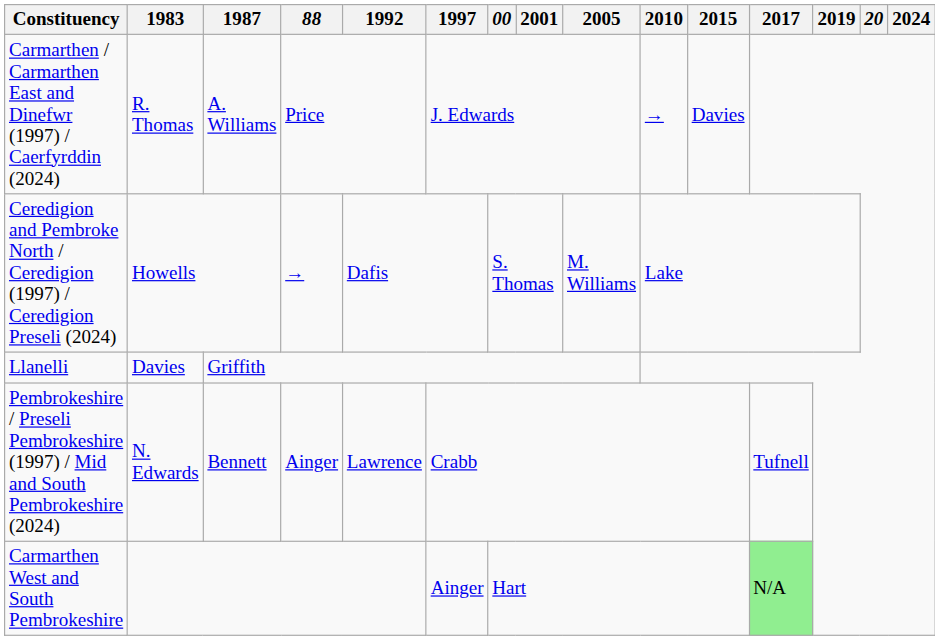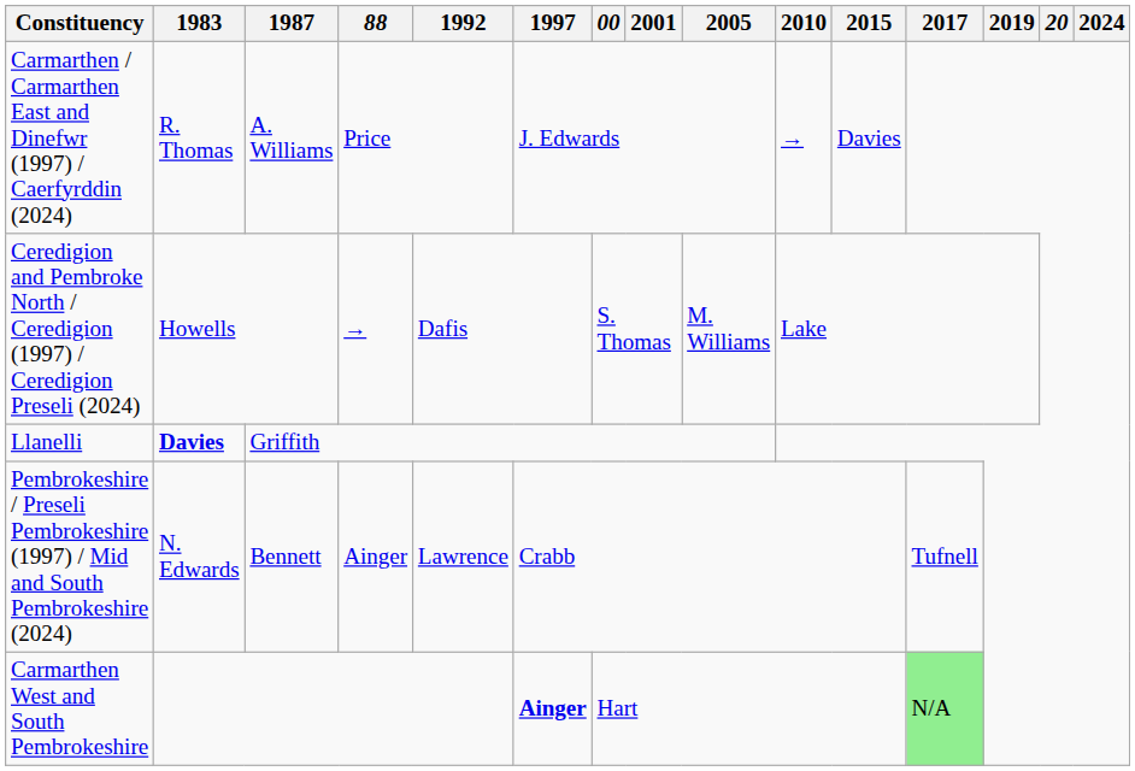 <table class="wikitable">
 <tr>
 <th>Constituency</th>
 <th>1983</th>
 <th>1987</th>
 <th><em>88</em></th>
 <th>1992</th>
 <th>1997</th>
 <th><em>00</em></th>
 <th>2001</th>
 <th>2005</th>
 <th>2010</th>
 <th>2015</th>
 <th>2017</th>
 <th>2019</th>
 <th><em>20</em></th>
 <th>2024</th>
 </tr>
 <tr>
 <td><a href='#'>Carmarthen</a> / <a href='#'>Carmarthen East and Dinefwr</a> (1997) / <a href='#'>Caerfyrddin</a> (2024)</td>
 <td><a href='#'>R. Thomas</a></td>
 <td><a href='#'>A. Williams</a></td>
 <td colspan="2"><a href='#'>Price</a></td>
 <td colspan="4"><a href='#'>J. Edwards</a></td>
 <td><a href='#'>→</a></td>
 <td><a href='#'>Davies</a></td>
 </tr>
 <tr>
 <td><a href='#'>Ceredigion and Pembroke North</a> / <a href='#'>Ceredigion</a> (1997) / <a href='#'>Ceredigion Preseli</a> (2024)</td>
 <td colspan="2"><a href='#'>Howells</a></td>
 <td><a href='#'>→</a></td>
 <td colspan="2"><a href='#'>Dafis</a></td>
 <td colspan="2"><a href='#'>S. Thomas</a></td>
 <td><a href='#'>M. Williams</a></td>
 <td colspan="4"><a href='#'>Lake</a></td>
 </tr>
 <tr>
 <td><a href='#'>Llanelli</a></td>
-<td><a href='#'>Davies</a></td>
+<td><strong><a href='#'>Davies</a></strong></td>
 <td colspan="7"><a href='#'>Griffith</a></td>
 </tr>
 <tr>
 <td><a href='#'>Pembrokeshire</a> / <a href='#'>Preseli Pembrokeshire</a> (1997) / <a href='#'>Mid and South Pembrokeshire</a> (2024)</td>
 <td><a href='#'>N. Edwards</a></td>
 <td><a href='#'>Bennett</a></td>
 <td><a href='#'>Ainger</a></td>
 <td><a href='#'>Lawrence</a></td>
 <td colspan="6"><a href='#'>Crabb</a></td>
 <td><a href='#'>Tufnell</a></td>
 </tr>
 <tr>
 <td><a href='#'>Carmarthen West and South Pembrokeshire</a></td>
 <td colspan="4"></td>
-<td><a href='#'>Ainger</a></td>
+<td><strong><a href='#'>Ainger</a></strong></td>
 <td colspan="5"><a href='#'>Hart</a></td>
 <td style="background: lightgreen;">N/A</td>
 </tr>
 </table>
